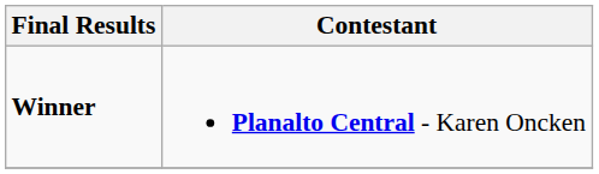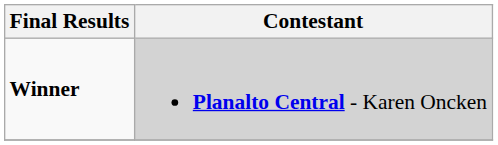 <table class="wikitable">
 <tr>
 <th>Final Results</th>
 <th>Contestant</th>
 </tr>
 <tr>
 <td><strong>Winner</strong></td>
-<td><br><ul><li><strong> <a href='#'>Planalto Central</a></strong> - Karen Oncken</li></ul></td>
+<td style="background: lightgrey;"><br><ul><li><strong> <a href='#'>Planalto Central</a></strong> - Karen Oncken</li></ul></td>
 </tr>
 <tr>
 </tr>
 </table>
